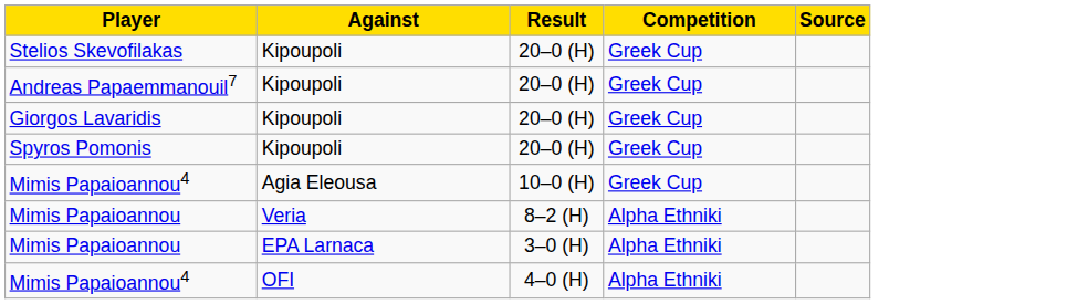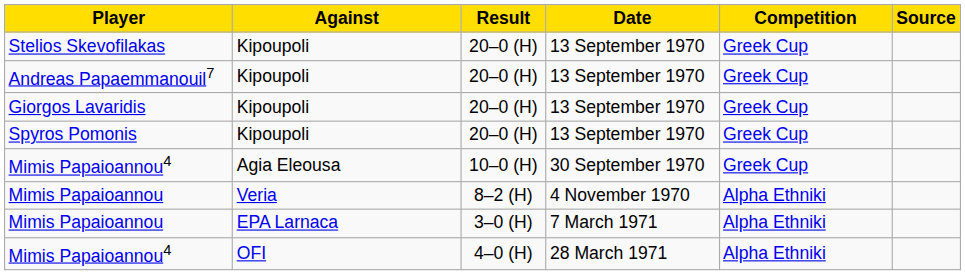 <table class="wikitable">
 <tr>
 <th width=200 style="background:#FFDE00">Player</th>
 <th width=200 style="background:#FFDE00">Against</th>
 <th width=70 style="background:#FFDE00">Result</th>
+<th width=150 style="background:#FFDE00">Date</th>
 <th width=150 style="background:#FFDE00">Competition</th>
 <th style="background:#FFDE00">Source</th>
 </tr>
 <tr>
 <td> <a href='#'>Stelios Skevofilakas</a></td>
 <td> Kipoupoli</td>
 <td align=center>20–0 (H)</td>
+<td>13 September 1970</td>
 <td><a href='#'>Greek Cup</a></td>
 <td align=center></td>
 </tr>
 <tr>
 <td> <a href='#'>Andreas Papaemmanouil</a><sup>7</sup></td>
 <td> Kipoupoli</td>
 <td align=center>20–0 (H)</td>
+<td>13 September 1970</td>
 <td><a href='#'>Greek Cup</a></td>
 <td align=center></td>
 </tr>
 <tr>
 <td> <a href='#'>Giorgos Lavaridis</a></td>
 <td> Kipoupoli</td>
 <td align=center>20–0 (H)</td>
+<td>13 September 1970</td>
 <td><a href='#'>Greek Cup</a></td>
 <td align=center></td>
 </tr>
 <tr>
 <td> <a href='#'>Spyros Pomonis</a></td>
 <td> Kipoupoli</td>
 <td align=center>20–0 (H)</td>
+<td>13 September 1970</td>
 <td><a href='#'>Greek Cup</a></td>
 <td align=center></td>
 </tr>
 <tr>
 <td> <a href='#'>Mimis Papaioannou</a><sup>4</sup></td>
 <td> Agia Eleousa</td>
 <td align=center>10–0 (H)</td>
+<td>30 September 1970</td>
 <td><a href='#'>Greek Cup</a></td>
 <td align=center></td>
 </tr>
 <tr>
 <td> <a href='#'>Mimis Papaioannou</a></td>
 <td> <a href='#'>Veria</a></td>
 <td align=center>8–2 (H)</td>
+<td>4 November 1970</td>
 <td><a href='#'>Alpha Ethniki</a></td>
 <td align=center></td>
 </tr>
 <tr>
 <td> <a href='#'>Mimis Papaioannou</a></td>
 <td> <a href='#'>EPA Larnaca</a></td>
 <td align=center>3–0 (H)</td>
+<td>7 March 1971</td>
 <td><a href='#'>Alpha Ethniki</a></td>
 <td align=center></td>
 </tr>
 <tr>
 <td> <a href='#'>Mimis Papaioannou</a><sup>4</sup></td>
 <td> <a href='#'>OFI</a></td>
 <td align=center>4–0 (H)</td>
+<td>28 March 1971</td>
 <td><a href='#'>Alpha Ethniki</a></td>
 <td align=center></td>
 </tr>
 </table>
